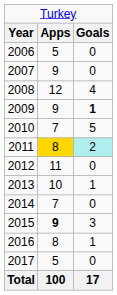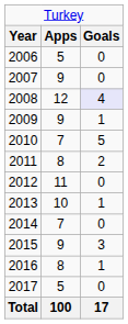 <table class="wikitable" style="text-align:center">
 <tr>
 <td colspan="3"><a href='#'>Turkey</a></td>
 </tr>
 <tr>
 <th>Year</th>
 <th>Apps</th>
 <th>Goals</th>
 </tr>
 <tr>
 <td>2006</td>
 <td>5</td>
 <td>0</td>
 </tr>
 <tr>
 <td>2007</td>
 <td>9</td>
 <td>0</td>
 </tr>
 <tr>
 <td>2008</td>
 <td>12</td>
-<td>4</td>
+<td style="background: lavender;">4</td>
 </tr>
 <tr>
 <td>2009</td>
 <td>9</td>
-<td><strong>1</strong></td>
+<td>1</td>
 </tr>
 <tr>
 <td>2010</td>
 <td>7</td>
 <td>5</td>
 </tr>
 <tr>
 <td>2011</td>
-<td style="background: gold;">8</td>
-<td style="background: paleturquoise;">2</td>
+<td>8</td>
+<td>2</td>
 </tr>
 <tr>
 <td>2012</td>
 <td>11</td>
 <td>0</td>
 </tr>
 <tr>
 <td>2013</td>
 <td>10</td>
 <td>1</td>
 </tr>
 <tr>
 <td>2014</td>
 <td>7</td>
 <td>0</td>
 </tr>
 <tr>
 <td>2015</td>
-<td><strong>9</strong></td>
+<td>9</td>
 <td>3</td>
 </tr>
 <tr>
 <td>2016</td>
 <td>8</td>
 <td>1</td>
 </tr>
 <tr>
 <td>2017</td>
 <td>5</td>
 <td>0</td>
 </tr>
 <tr>
 <th>Total</th>
 <th>100</th>
 <th>17</th>
 </tr>
 </table>
